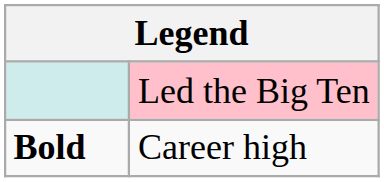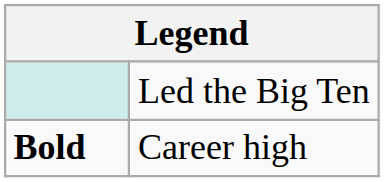 <table class="wikitable">
 <tr>
 <th colspan="2">Legend</th>
 </tr>
 <tr>
 <td style="background:#cfecec; width:3em;"></td>
-<td style="background: pink;">Led the Big Ten</td>
+<td>Led the Big Ten</td>
 </tr>
 <tr>
 <td><strong>Bold</strong></td>
 <td>Career high</td>
 </tr>
 </table>
